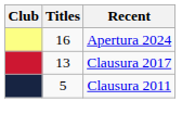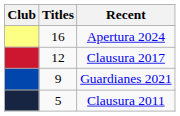 <table class="wikitable" style="text-align:center; width=60%;">
 <tr>
 <th>Club</th>
 <th>Titles</th>
 <th>Recent</th>
 </tr>
 <tr>
 <td style=background-color:#FCFF84;color:#AD9759><strong><a href='#'></a></strong></td>
 <td>16</td>
 <td><a href='#'>Apertura 2024</a></td>
 </tr>
 <tr>
 <td style=background-color:#CD1731;color:#FFFFFF><strong><a href='#'></a></strong></td>
-<td>13</td>
+<td>12</td>
 <td><a href='#'>Clausura 2017</a></td>
+</tr>
+<tr>
+<td style=background-color:#0046AD;color:#DF0101><strong><a href='#'></a></strong></td>
+<td>9</td>
+<td><a href='#'>Guardianes 2021</a></td>
 </tr>
 <tr>
 <td style=background-color:#172442;color:Goldenrod><strong><a href='#'></a></strong></td>
 <td>5</td>
 <td><a href='#'>Clausura 2011</a></td>
 </tr>
 </table>
